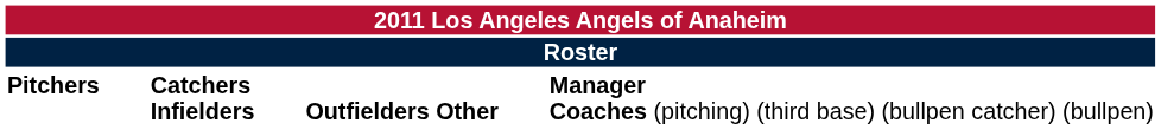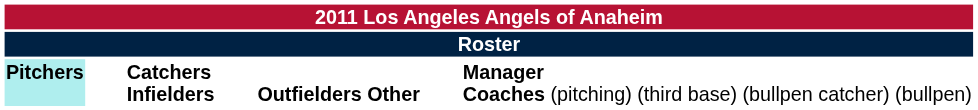 <table class="toccolours" style="font-size: 95%;">
 <tr>
 <th colspan="10" style="background-color: #B71234; color: white; text-align: center;">2011 Los Angeles Angels of Anaheim</th>
 </tr>
 <tr>
 <td colspan="10" style="background-color:#002244; color: white; text-align: center;"><strong>Roster</strong></td>
 </tr>
 <tr>
-<td valign="top"><strong>Pitchers</strong><br>                    </td>
+<td valign="top" style="background: paleturquoise;"><strong>Pitchers</strong><br>                    </td>
 <td width="25px"></td>
 <td valign="top"><strong>Catchers</strong><br>   <strong>Infielders</strong>           </td>
 <td width="25px"></td>
 <td valign="top"><br><strong>Outfielders</strong>        <strong>Other</strong> </td>
 <td width="25px"></td>
 <td valign="top"><strong>Manager</strong><br> <strong>Coaches</strong>  (pitching)  (third base)  (bullpen catcher)     (bullpen)</td>
 </tr>
 </table>
